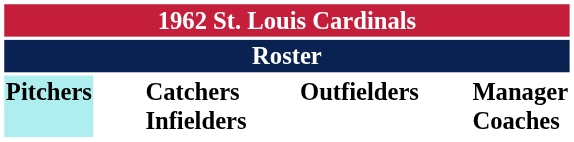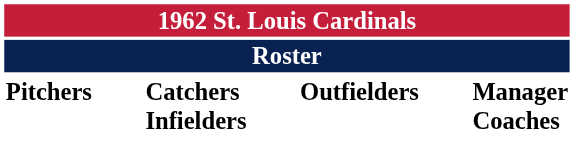 <table class="toccolours" style="font-size: 95%;">
 <tr>
 <th colspan="10" style="background-color: #c41e3a; color: white; text-align: center;">1962 St. Louis Cardinals</th>
 </tr>
 <tr>
 <td colspan="10" style="background-color: #0a2252; color: white; text-align: center;"><strong>Roster</strong></td>
 </tr>
 <tr>
-<td valign="top" style="background: paleturquoise;"><strong>Pitchers</strong><br>              </td>
+<td valign="top"><strong>Pitchers</strong><br>              </td>
 <td width="25px"></td>
 <td valign="top"><strong>Catchers</strong><br>   <strong>Infielders</strong>        </td>
 <td width="25px"></td>
 <td valign="top"><strong>Outfielders</strong><br>          </td>
 <td width="25px"></td>
 <td valign="top"><strong>Manager</strong><br> <strong>Coaches</strong>    </td>
 </tr>
 </table>
